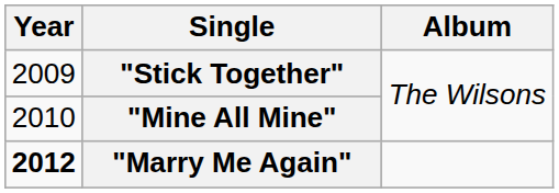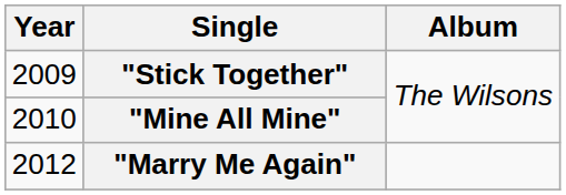 <table class="wikitable plainrowheaders">
 <tr>
 <th>Year</th>
 <th style="width:10em;">Single</th>
 <th>Album</th>
 </tr>
 <tr>
 <td>2009</td>
 <th scope="row">"Stick Together"</th>
 <td rowspan="2"><em>The Wilsons</em></td>
 </tr>
 <tr>
 <td>2010</td>
 <th scope="row">"Mine All Mine"</th>
 </tr>
 <tr>
-<td><strong>2012</strong></td>
+<td>2012</td>
 <th scope="row">"Marry Me Again"</th>
 <td></td>
 </tr>
 </table>
